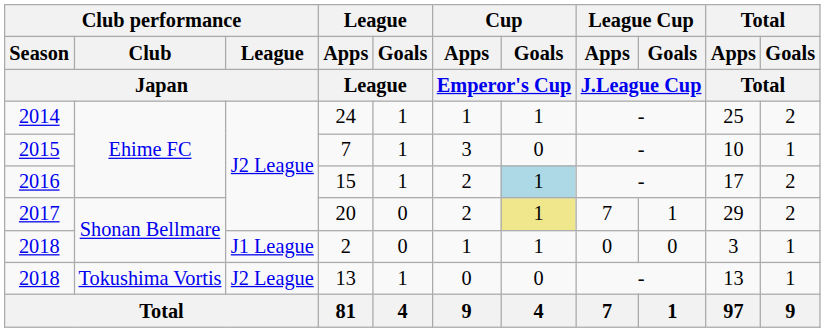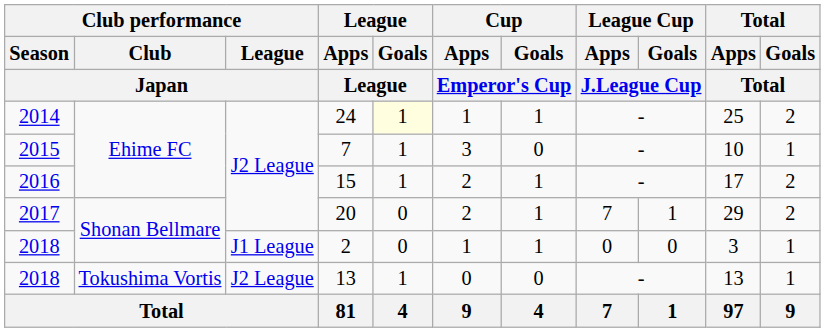 <table class="wikitable" style="text-align:center;">
 <tr>
 <th colspan=3>Club performance</th>
 <th colspan=2>League</th>
 <th colspan=2>Cup</th>
 <th colspan=2>League Cup</th>
 <th colspan=2>Total</th>
 </tr>
 <tr>
 <th>Season</th>
 <th>Club</th>
 <th>League</th>
 <th>Apps</th>
 <th>Goals</th>
 <th>Apps</th>
 <th>Goals</th>
 <th>Apps</th>
 <th>Goals</th>
 <th>Apps</th>
 <th>Goals</th>
 </tr>
 <tr>
 <th colspan=3>Japan</th>
 <th colspan=2>League</th>
 <th colspan=2><a href='#'>Emperor's Cup</a></th>
 <th colspan=2><a href='#'>J.League Cup</a></th>
 <th colspan=2>Total</th>
 </tr>
 <tr>
 <td><a href='#'>2014</a></td>
 <td rowspan="3"><a href='#'>Ehime FC</a></td>
 <td rowspan="4"><a href='#'>J2 League</a></td>
 <td>24</td>
-<td>1</td>
+<td style="background: lightyellow;">1</td>
 <td>1</td>
 <td>1</td>
 <td colspan=2>-</td>
 <td>25</td>
 <td>2</td>
 </tr>
 <tr>
 <td><a href='#'>2015</a></td>
 <td>7</td>
 <td>1</td>
 <td>3</td>
 <td>0</td>
 <td colspan=2>-</td>
 <td>10</td>
 <td>1</td>
 </tr>
 <tr>
 <td><a href='#'>2016</a></td>
 <td>15</td>
 <td>1</td>
 <td>2</td>
-<td style="background: lightblue;">1</td>
+<td>1</td>
 <td colspan=2>-</td>
 <td>17</td>
 <td>2</td>
 </tr>
 <tr>
 <td><a href='#'>2017</a></td>
 <td rowspan="2"><a href='#'>Shonan Bellmare</a></td>
 <td>20</td>
 <td>0</td>
 <td>2</td>
-<td style="background: khaki;">1</td>
+<td>1</td>
 <td>7</td>
 <td>1</td>
 <td>29</td>
 <td>2</td>
 </tr>
 <tr>
 <td><a href='#'>2018</a></td>
 <td><a href='#'>J1 League</a></td>
 <td>2</td>
 <td>0</td>
 <td>1</td>
 <td>1</td>
 <td>0</td>
 <td>0</td>
 <td>3</td>
 <td>1</td>
 </tr>
 <tr>
 <td><a href='#'>2018</a></td>
 <td rowspan=1><a href='#'>Tokushima Vortis</a></td>
 <td rowspan=1><a href='#'>J2 League</a></td>
 <td>13</td>
 <td>1</td>
 <td>0</td>
 <td>0</td>
 <td colspan=2>-</td>
 <td>13</td>
 <td>1</td>
 </tr>
 <tr>
 <th colspan=3>Total</th>
 <th>81</th>
 <th>4</th>
 <th>9</th>
 <th>4</th>
 <th>7</th>
 <th>1</th>
 <th>97</th>
 <th>9</th>
 </tr>
 </table>
